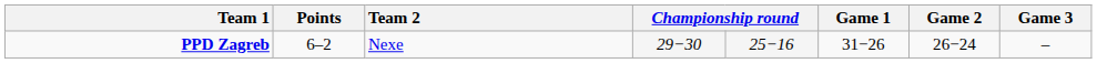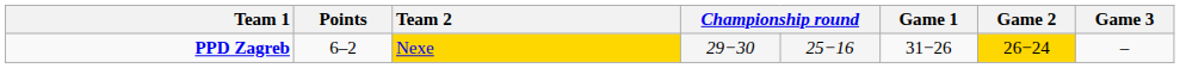 <table class=wikitable style="text-align:center">
 <tr>
 <th style="width:250px; text-align:right;">Team 1</th>
 <th style="width:80px;">Points</th>
 <th style="width:250px; text-align:left;">Team 2</th>
 <th colspan=2; style="width:170px;"><em><a href='#'>Championship round</a></em></th>
 <th style="width:80px;">Game 1</th>
 <th style="width:80px;">Game 2</th>
 <th style="width:80px;">Game 3</th>
 </tr>
 <tr>
 <td style="text-align:right;"><strong><a href='#'>PPD Zagreb</a></strong></td>
 <td>6–2</td>
-<td style="text-align:left;"><a href='#'>Nexe</a></td>
+<td style="background: gold; text-align:left;"><a href='#'>Nexe</a></td>
 <td bgcolor=#f5f5f5><em>29−30</em></td>
 <td bgcolor=#f5f5f5><em>25−16</em></td>
 <td>31−26</td>
-<td>26−24</td>
+<td style="background: gold;">26−24</td>
 <td>–</td>
 </tr>
 </table>
